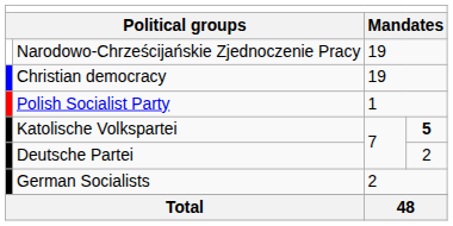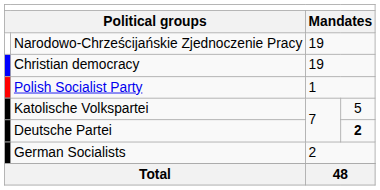 <table class="wikitable">
 <tr>
 <th colspan="4"style="background:white"></th>
 </tr>
 <tr>
 <th colspan="2">Political groups</th>
 <th colspan="2">Mandates</th>
 </tr>
 <tr>
 <td style="background:white"></td>
 <td>Narodowo-Chrześcijańskie Zjednoczenie Pracy</td>
 <td colspan="2">19</td>
 </tr>
 <tr>
 <td style="background:blue"></td>
 <td>Christian democracy</td>
 <td colspan="2">19</td>
 </tr>
 <tr>
 <td style="background:red"></td>
 <td><a href='#'>Polish Socialist Party</a></td>
 <td colspan="2">1</td>
 </tr>
 <tr>
 <td style="background:black"></td>
 <td>Katolische Volkspartei</td>
 <td rowspan="2">7</td>
-<td align="center"><strong>5</strong></td>
+<td align="center">5</td>
 </tr>
 <tr>
 <td style="background:black"></td>
 <td>Deutsche Partei</td>
-<td align="center">2</td>
+<td align="center"><strong>2</strong></td>
 </tr>
 <tr>
 <td style="background:black"></td>
 <td>German Socialists</td>
 <td colspan="2">2</td>
 </tr>
 <tr>
 </tr>
 <tr bgcolor="#ececec">
 <th colspan="2">Total</th>
 <th colspan="2">48</th>
 </tr>
 </table>
